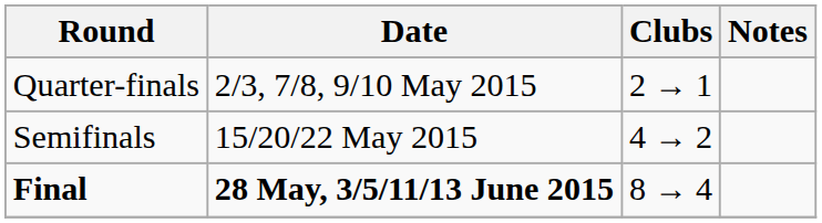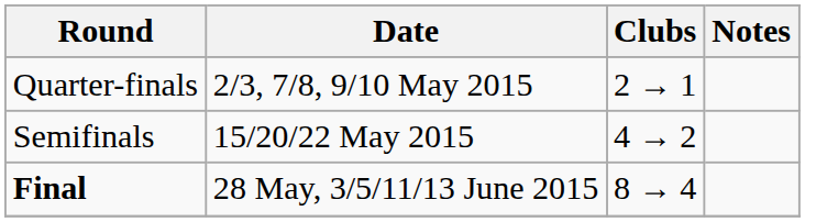 <table class="wikitable">
 <tr>
 <th>Round</th>
 <th>Date</th>
 <th>Clubs</th>
 <th>Notes</th>
 </tr>
 <tr>
 <td>Quarter-finals</td>
 <td>2/3, 7/8, 9/10 May 2015</td>
 <td align=center>2 → 1</td>
 <td align=center></td>
 </tr>
 <tr>
 <td>Semifinals</td>
 <td>15/20/22 May 2015</td>
 <td align=center>4 → 2</td>
 <td align=center></td>
 </tr>
 <tr>
 <td><strong>Final</strong></td>
-<td><strong>28 May, 3/5/11/13 June 2015</strong></td>
+<td>28 May, 3/5/11/13 June 2015</td>
 <td align=center>8 → 4</td>
 <td align=center></td>
 </tr>
 <tr>
 </tr>
 </table>
